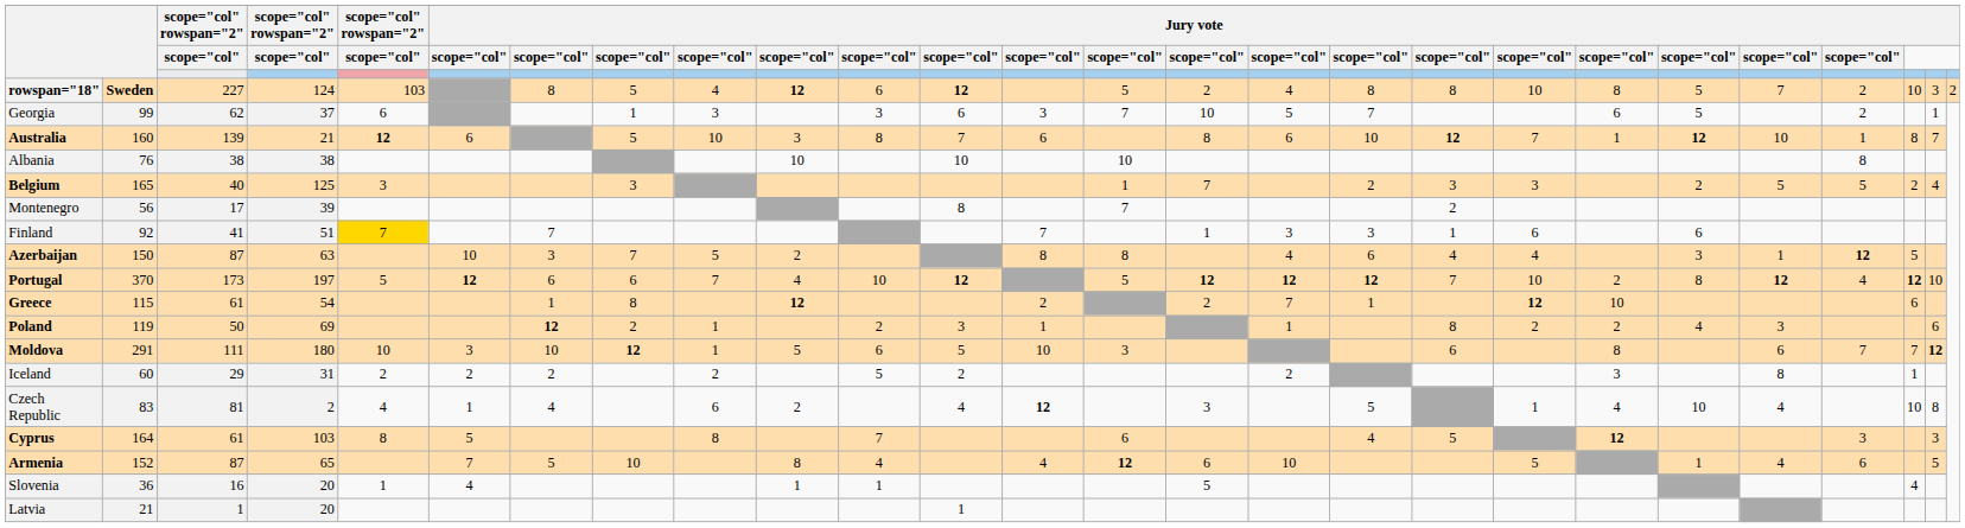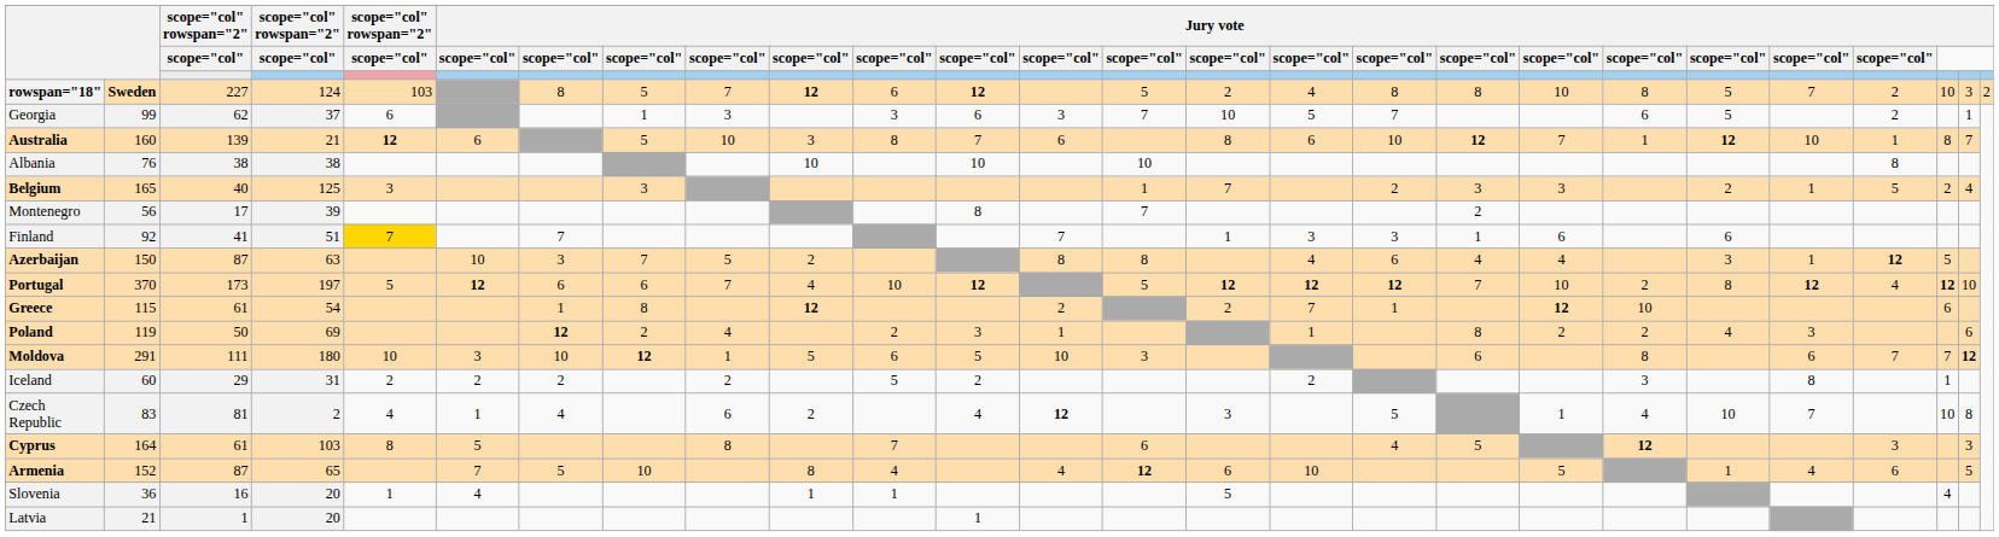 <table class="wikitable plainrowheaders" style="text-align:center; font-size:85%;">
 <tr>
 </tr>
 <tr>
 <td colspan="2" rowspan="3" style="background: #F2F2F2;"></td>
 <th>scope="col" rowspan="2" </th>
 <th>scope="col" rowspan="2" </th>
 <th>scope="col" rowspan="2" </th>
 <th scope="col" colspan="21">Jury vote</th>
 </tr>
 <tr>
 <th>scope="col" </th>
 <th>scope="col" </th>
 <th>scope="col" </th>
 <th>scope="col" </th>
 <th>scope="col" </th>
 <th>scope="col" </th>
 <th>scope="col" </th>
 <th>scope="col" </th>
 <th>scope="col" </th>
 <th>scope="col" </th>
 <th>scope="col" </th>
 <th>scope="col" </th>
 <th>scope="col" </th>
 <th>scope="col" </th>
 <th>scope="col" </th>
 <th>scope="col" </th>
 <th>scope="col" </th>
 <th>scope="col" </th>
 <th>scope="col" </th>
 <th>scope="col" </th>
 <th>scope="col" </th>
 </tr>
 <tr>
 <td style="height:2px; background:#eaecf0; border-top:1px solid transparent;"></td>
 <td style="background:#A4D1EF;"></td>
 <td style="background:#EFA4A9;"></td>
 <th style="background:#A4D1EF;"></th>
 <th style="background:#A4D1EF;"></th>
 <th style="background:#A4D1EF;"></th>
 <th style="background:#A4D1EF;"></th>
 <th style="background:#A4D1EF;"></th>
 <th style="background:#A4D1EF;"></th>
 <th style="background:#A4D1EF;"></th>
 <th style="background:#A4D1EF;"></th>
 <th style="background:#A4D1EF;"></th>
 <th style="background:#A4D1EF;"></th>
 <th style="background:#A4D1EF;"></th>
 <th style="background:#A4D1EF;"></th>
 <th style="background:#A4D1EF;"></th>
 <th style="background:#A4D1EF;"></th>
 <th style="background:#A4D1EF;"></th>
 <th style="background:#A4D1EF;"></th>
 <th style="background:#A4D1EF;"></th>
 <th style="background:#A4D1EF;"></th>
 <th style="background:#A4D1EF;"></th>
 <th style="background:#A4D1EF;"></th>
 <th style="background:#A4D1EF;"></th>
 </tr>
 <tr style="background:#ffdead;">
 <th>rowspan="18" </th>
 <td scope="row" style="text-align:left; font-weight:bold; background:#ffdead;">Sweden</td>
 <td style="text-align:right;">227</td>
 <td style="text-align:right;">124</td>
 <td style="text-align:right;">103</td>
 <td style="background:#aaa;"></td>
 <td>8</td>
 <td>5</td>
-<td>4</td>
+<td>7</td>
 <td><strong>12</strong></td>
 <td>6</td>
 <td><strong>12</strong></td>
 <td></td>
 <td>5</td>
 <td>2</td>
 <td>4</td>
 <td>8</td>
 <td>8</td>
 <td>10</td>
 <td>8</td>
 <td>5</td>
 <td>7</td>
 <td>2</td>
 <td>10</td>
 <td>3</td>
 <td>2</td>
 </tr>
 <tr>
 <td scope="row" style="text-align:left; background:#f2f2f2;">Georgia</td>
 <td style="text-align:right; background:#f2f2f2;">99</td>
 <td style="text-align:right; background:#f2f2f2;">62</td>
 <td style="text-align:right; background:#f2f2f2;">37</td>
 <td>6</td>
 <td style="background:#aaa;"></td>
 <td></td>
 <td>1</td>
 <td>3</td>
 <td></td>
 <td>3</td>
 <td>6</td>
 <td>3</td>
 <td>7</td>
 <td>10</td>
 <td>5</td>
 <td>7</td>
 <td></td>
 <td></td>
 <td>6</td>
 <td>5</td>
 <td></td>
 <td>2</td>
 <td></td>
 <td>1</td>
 </tr>
 <tr style="background:#ffdead;">
 <td scope="row" style="text-align:left; font-weight:bold; ">Australia</td>
 <td style="text-align:right;">160</td>
 <td style="text-align:right;">139</td>
 <td style="text-align:right;">21</td>
 <td><strong>12</strong></td>
 <td>6</td>
 <td style="background:#aaa;"></td>
 <td>5</td>
 <td>10</td>
 <td>3</td>
 <td>8</td>
 <td>7</td>
 <td>6</td>
 <td></td>
 <td>8</td>
 <td>6</td>
 <td>10</td>
 <td><strong>12</strong></td>
 <td>7</td>
 <td>1</td>
 <td><strong>12</strong></td>
 <td>10</td>
 <td>1</td>
 <td>8</td>
 <td>7</td>
 </tr>
 <tr>
 <td scope="row" style="text-align:left; background:#f2f2f2;">Albania</td>
 <td style="text-align:right; background:#f2f2f2;">76</td>
 <td style="text-align:right; background:#f2f2f2;">38</td>
 <td style="text-align:right; background:#f2f2f2;">38</td>
 <td></td>
 <td></td>
 <td></td>
 <td style="background:#aaa;"></td>
 <td></td>
 <td>10</td>
 <td></td>
 <td>10</td>
 <td></td>
 <td>10</td>
 <td></td>
 <td></td>
 <td></td>
 <td></td>
 <td></td>
 <td></td>
 <td></td>
 <td></td>
 <td>8</td>
 <td></td>
 <td></td>
 </tr>
 <tr style="background:#ffdead;">
 <td scope="row" style="text-align:left; font-weight:bold; ">Belgium</td>
 <td style="text-align:right;">165</td>
 <td style="text-align:right;">40</td>
 <td style="text-align:right;">125</td>
 <td>3</td>
 <td></td>
 <td></td>
 <td>3</td>
 <td style="background:#aaa;"></td>
 <td></td>
 <td></td>
 <td></td>
 <td></td>
 <td>1</td>
 <td>7</td>
 <td></td>
 <td>2</td>
 <td>3</td>
 <td>3</td>
 <td></td>
 <td>2</td>
-<td>5</td>
+<td>1</td>
 <td>5</td>
 <td>2</td>
 <td>4</td>
 </tr>
 <tr>
 <td scope="row" style="text-align:left; background:#f2f2f2;">Montenegro</td>
 <td style="text-align:right; background:#f2f2f2;">56</td>
 <td style="text-align:right; background:#f2f2f2;">17</td>
 <td style="text-align:right; background:#f2f2f2;">39</td>
 <td></td>
 <td></td>
 <td></td>
 <td></td>
 <td></td>
 <td style="background:#aaa;"></td>
 <td></td>
 <td>8</td>
 <td></td>
 <td>7</td>
 <td></td>
 <td></td>
 <td></td>
 <td>2</td>
 <td></td>
 <td></td>
 <td></td>
 <td></td>
 <td></td>
 <td></td>
 <td></td>
 </tr>
 <tr>
 <td scope="row" style="text-align:left; background:#f2f2f2;">Finland</td>
 <td style="text-align:right; background:#f2f2f2;">92</td>
 <td style="text-align:right; background:#f2f2f2;">41</td>
 <td style="text-align:right; background:#f2f2f2;">51</td>
 <td style="background: gold;">7</td>
 <td></td>
 <td>7</td>
 <td></td>
 <td></td>
 <td></td>
 <td style="background:#aaa;"></td>
 <td></td>
 <td>7</td>
 <td></td>
 <td>1</td>
 <td>3</td>
 <td>3</td>
 <td>1</td>
 <td>6</td>
 <td></td>
 <td>6</td>
 <td></td>
 <td></td>
 <td></td>
 <td></td>
 </tr>
 <tr style="background:#ffdead;">
 <td scope="row" style="text-align:left; font-weight:bold; ">Azerbaijan</td>
 <td style="text-align:right;">150</td>
 <td style="text-align:right;">87</td>
 <td style="text-align:right;">63</td>
 <td></td>
 <td>10</td>
 <td>3</td>
 <td>7</td>
 <td>5</td>
 <td>2</td>
 <td></td>
 <td style="background:#aaa;"></td>
 <td>8</td>
 <td>8</td>
 <td></td>
 <td>4</td>
 <td>6</td>
 <td>4</td>
 <td>4</td>
 <td></td>
 <td>3</td>
 <td>1</td>
 <td><strong>12</strong></td>
 <td>5</td>
 <td></td>
 </tr>
 <tr style="background:#ffdead;">
 <td scope="row" style="text-align:left; font-weight:bold; ">Portugal</td>
 <td style="text-align:right;">370</td>
 <td style="text-align:right;">173</td>
 <td style="text-align:right;">197</td>
 <td>5</td>
 <td><strong>12</strong></td>
 <td>6</td>
 <td>6</td>
 <td>7</td>
 <td>4</td>
 <td>10</td>
 <td><strong>12</strong></td>
 <td style="background:#aaa;"></td>
 <td>5</td>
 <td><strong>12</strong></td>
 <td><strong>12</strong></td>
 <td><strong>12</strong></td>
 <td>7</td>
 <td>10</td>
 <td>2</td>
 <td>8</td>
 <td><strong>12</strong></td>
 <td>4</td>
 <td><strong>12</strong></td>
 <td>10</td>
 </tr>
 <tr style="background:#ffdead;">
 <td scope="row" style="text-align:left; font-weight:bold; ">Greece</td>
 <td style="text-align:right;">115</td>
 <td style="text-align:right;">61</td>
 <td style="text-align:right;">54</td>
 <td></td>
 <td></td>
 <td>1</td>
 <td>8</td>
 <td></td>
 <td><strong>12</strong></td>
 <td></td>
 <td></td>
 <td>2</td>
 <td style="background:#aaa;"></td>
 <td>2</td>
 <td>7</td>
 <td>1</td>
 <td></td>
 <td><strong>12</strong></td>
 <td>10</td>
 <td></td>
 <td></td>
 <td></td>
 <td>6</td>
 <td></td>
 </tr>
 <tr style="background:#ffdead;">
 <td scope="row" style="text-align:left; font-weight:bold; ">Poland</td>
 <td style="text-align:right;">119</td>
 <td style="text-align:right;">50</td>
 <td style="text-align:right;">69</td>
 <td></td>
 <td></td>
 <td><strong>12</strong></td>
 <td>2</td>
-<td>1</td>
+<td>4</td>
 <td></td>
 <td>2</td>
 <td>3</td>
 <td>1</td>
 <td></td>
 <td style="background:#aaa;"></td>
 <td>1</td>
 <td></td>
 <td>8</td>
 <td>2</td>
 <td>2</td>
 <td>4</td>
 <td>3</td>
 <td></td>
 <td></td>
 <td>6</td>
 </tr>
 <tr style="background:#ffdead;">
 <td scope="row" style="text-align:left; font-weight:bold; ">Moldova</td>
 <td style="text-align:right;">291</td>
 <td style="text-align:right;">111</td>
 <td style="text-align:right;">180</td>
 <td>10</td>
 <td>3</td>
 <td>10</td>
 <td><strong>12</strong></td>
 <td>1</td>
 <td>5</td>
 <td>6</td>
 <td>5</td>
 <td>10</td>
 <td>3</td>
 <td></td>
 <td style="background:#aaa;"></td>
 <td></td>
 <td>6</td>
 <td></td>
 <td>8</td>
 <td></td>
 <td>6</td>
 <td>7</td>
 <td>7</td>
 <td><strong>12</strong></td>
 </tr>
 <tr>
 <td scope="row" style="text-align:left; background:#f2f2f2;">Iceland</td>
 <td style="text-align:right; background:#f2f2f2;">60</td>
 <td style="text-align:right; background:#f2f2f2;">29</td>
 <td style="text-align:right; background:#f2f2f2;">31</td>
 <td>2</td>
 <td>2</td>
 <td>2</td>
 <td></td>
 <td>2</td>
 <td></td>
 <td>5</td>
 <td>2</td>
 <td></td>
 <td></td>
 <td></td>
 <td>2</td>
 <td style="background:#aaa;"></td>
 <td></td>
 <td></td>
 <td>3</td>
 <td></td>
 <td>8</td>
 <td></td>
 <td>1</td>
 <td></td>
 </tr>
 <tr>
 <td scope="row" style="text-align:left; background:#f2f2f2;">Czech Republic</td>
 <td style="text-align:right; background:#f2f2f2;">83</td>
 <td style="text-align:right; background:#f2f2f2;">81</td>
 <td style="text-align:right; background:#f2f2f2;">2</td>
 <td>4</td>
 <td>1</td>
 <td>4</td>
 <td></td>
 <td>6</td>
 <td>2</td>
 <td></td>
 <td>4</td>
 <td><strong>12</strong></td>
 <td></td>
 <td>3</td>
 <td></td>
 <td>5</td>
 <td style="background:#aaa;"></td>
 <td>1</td>
 <td>4</td>
 <td>10</td>
-<td>4</td>
+<td>7</td>
 <td></td>
 <td>10</td>
 <td>8</td>
 </tr>
 <tr style="background:#ffdead;">
 <td scope="row" style="text-align:left; font-weight:bold; ">Cyprus</td>
 <td style="text-align:right;">164</td>
 <td style="text-align:right;">61</td>
 <td style="text-align:right;">103</td>
 <td>8</td>
 <td>5</td>
 <td></td>
 <td></td>
 <td>8</td>
 <td></td>
 <td>7</td>
 <td></td>
 <td></td>
 <td>6</td>
 <td></td>
 <td></td>
 <td>4</td>
 <td>5</td>
 <td style="background:#aaa;"></td>
 <td><strong>12</strong></td>
 <td></td>
 <td></td>
 <td>3</td>
 <td></td>
 <td>3</td>
 </tr>
 <tr style="background:#ffdead;">
 <td scope="row" style="text-align:left; font-weight:bold; ">Armenia</td>
 <td style="text-align:right;">152</td>
 <td style="text-align:right;">87</td>
 <td style="text-align:right;">65</td>
 <td></td>
 <td>7</td>
 <td>5</td>
 <td>10</td>
 <td></td>
 <td>8</td>
 <td>4</td>
 <td></td>
 <td>4</td>
 <td><strong>12</strong></td>
 <td>6</td>
 <td>10</td>
 <td></td>
 <td></td>
 <td>5</td>
 <td style="background:#aaa;"></td>
 <td>1</td>
 <td>4</td>
 <td>6</td>
 <td></td>
 <td>5</td>
 </tr>
 <tr>
 <td scope="row" style="text-align:left; background:#f2f2f2;">Slovenia</td>
 <td style="text-align:right; background:#f2f2f2;">36</td>
 <td style="text-align:right; background:#f2f2f2;">16</td>
 <td style="text-align:right; background:#f2f2f2;">20</td>
 <td>1</td>
 <td>4</td>
 <td></td>
 <td></td>
 <td></td>
 <td>1</td>
 <td>1</td>
 <td></td>
 <td></td>
 <td></td>
 <td>5</td>
 <td></td>
 <td></td>
 <td></td>
 <td></td>
 <td></td>
 <td style="background:#aaa;"></td>
 <td></td>
 <td></td>
 <td>4</td>
 <td></td>
 </tr>
 <tr>
 <td scope="row" style="text-align:left; background:#f2f2f2;">Latvia</td>
 <td style="text-align:right; background:#f2f2f2;">21</td>
 <td style="text-align:right; background:#f2f2f2;">1</td>
 <td style="text-align:right; background:#f2f2f2;">20</td>
 <td></td>
 <td></td>
 <td></td>
 <td></td>
 <td></td>
 <td></td>
 <td></td>
 <td>1</td>
 <td></td>
 <td></td>
 <td></td>
 <td></td>
 <td></td>
 <td></td>
 <td></td>
 <td></td>
 <td></td>
 <td style="background:#aaa;"></td>
 <td></td>
 <td></td>
 <td></td>
 </tr>
 </table>
